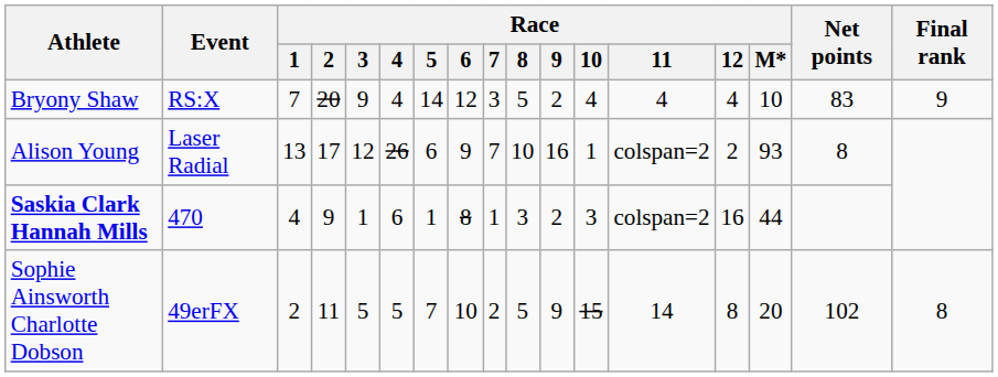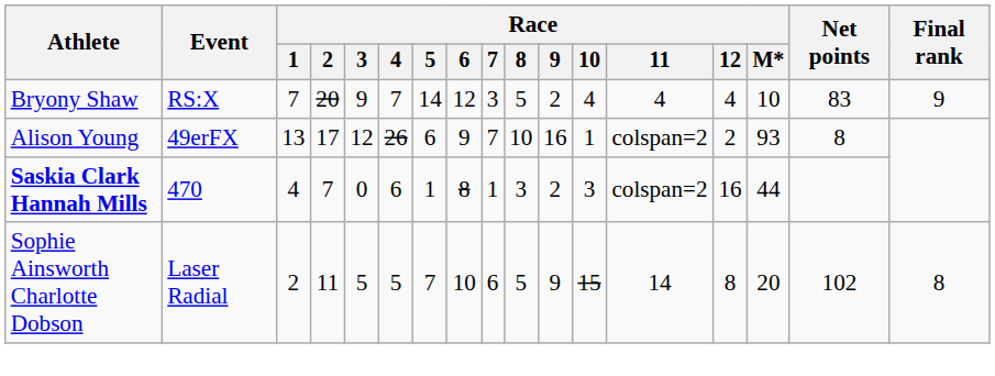 <table class="wikitable" style="font-size:90%">
 <tr>
 <th rowspan="2">Athlete</th>
 <th rowspan="2">Event</th>
 <th colspan=13>Race</th>
 <th rowspan=2>Net points</th>
 <th rowspan=2>Final rank</th>
 </tr>
 <tr style="font-size:95%">
 <th>1</th>
 <th>2</th>
 <th>3</th>
 <th>4</th>
 <th>5</th>
 <th>6</th>
 <th>7</th>
 <th>8</th>
 <th>9</th>
 <th>10</th>
 <th>11</th>
 <th>12</th>
 <th>M*</th>
 </tr>
 <tr align=center>
 <td align=left><a href='#'>Bryony Shaw</a></td>
 <td align=left><a href='#'>RS:X</a></td>
 <td>7</td>
 <td><s>20</s></td>
 <td>9</td>
-<td>4</td>
+<td>7</td>
 <td>14</td>
 <td>12</td>
 <td>3</td>
 <td>5</td>
 <td>2</td>
 <td>4</td>
 <td>4</td>
 <td>4</td>
 <td>10</td>
 <td>83</td>
 <td>9</td>
 </tr>
 <tr align=center>
 <td align=left><a href='#'>Alison Young</a></td>
-<td align=left><a href='#'>Laser Radial</a></td>
+<td align=left><a href='#'>49erFX</a></td>
 <td>13</td>
 <td>17</td>
 <td>12</td>
 <td><s>26</s></td>
 <td>6</td>
 <td>9</td>
 <td>7</td>
 <td>10</td>
 <td>16</td>
 <td>1</td>
 <td>colspan=2 </td>
 <td>2</td>
 <td>93</td>
 <td>8</td>
 </tr>
 <tr align=center>
 <td align=left><strong><a href='#'>Saskia Clark</a><br><a href='#'>Hannah Mills</a></strong></td>
 <td align=left><a href='#'>470</a></td>
 <td>4</td>
-<td>9</td>
-<td>1</td>
+<td>7</td>
+<td>0</td>
 <td>6</td>
 <td>1</td>
 <td><s>8</s></td>
 <td>1</td>
 <td>3</td>
 <td>2</td>
 <td>3</td>
 <td>colspan=2 </td>
 <td>16</td>
 <td>44</td>
 <td></td>
 </tr>
 <tr align=center>
 <td align=left><a href='#'>Sophie Ainsworth</a><br><a href='#'>Charlotte Dobson</a></td>
-<td align=left><a href='#'>49erFX</a></td>
+<td align=left><a href='#'>Laser Radial</a></td>
 <td>2</td>
 <td>11</td>
 <td>5</td>
 <td>5</td>
 <td>7</td>
 <td>10</td>
-<td>2</td>
+<td>6</td>
 <td>5</td>
 <td>9</td>
 <td><s>15</s></td>
 <td>14</td>
 <td>8</td>
 <td>20</td>
 <td>102</td>
 <td>8</td>
 </tr>
 </table>
